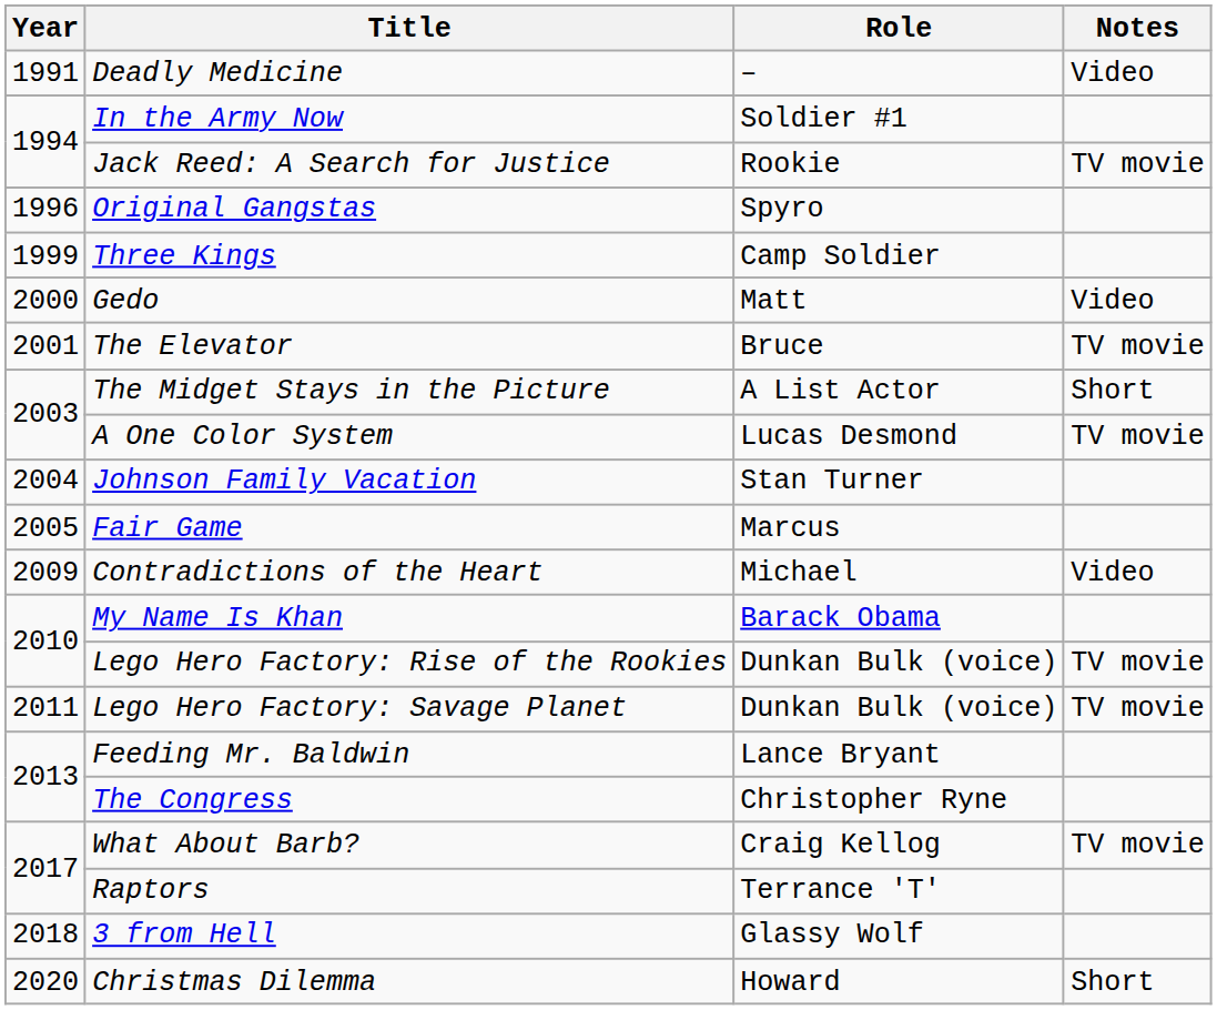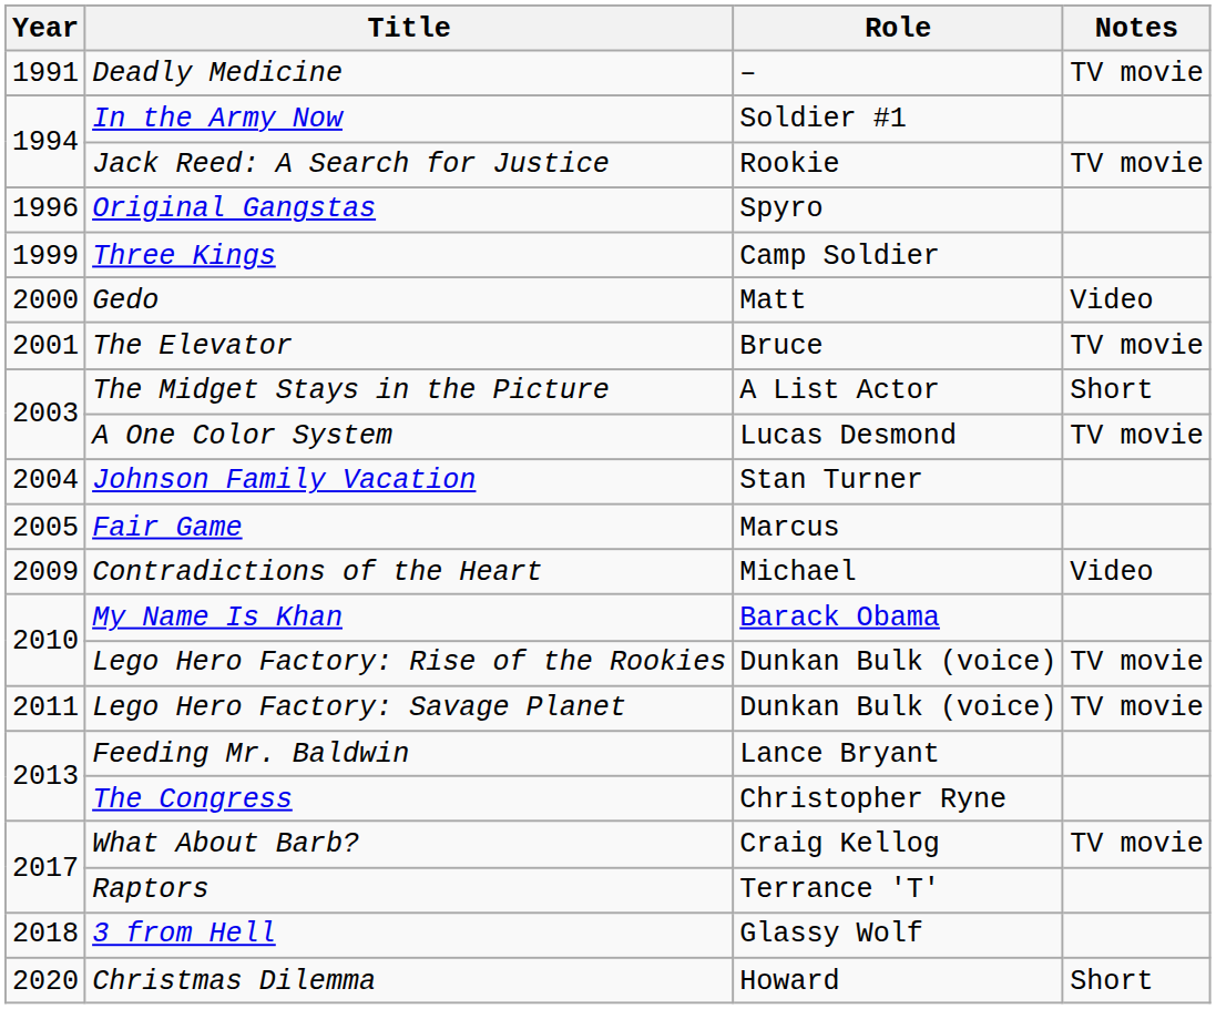 <table class="wikitable plainrowheaders sortable" style="margin–right: 0;">
 <tr>
 <th>Year</th>
 <th>Title</th>
 <th>Role</th>
 <th>Notes</th>
 </tr>
 <tr>
 <td>1991</td>
 <td><em>Deadly Medicine</em></td>
 <td>–</td>
-<td>Video</td>
+<td>TV movie</td>
 </tr>
 <tr>
 <td rowspan=2>1994</td>
 <td><em><a href='#'>In the Army Now</a></em></td>
 <td>Soldier #1</td>
 <td></td>
 </tr>
 <tr>
 <td><em>Jack Reed: A Search for Justice</em></td>
 <td>Rookie</td>
 <td>TV movie</td>
 </tr>
 <tr>
 <td>1996</td>
 <td><em><a href='#'>Original Gangstas</a></em></td>
 <td>Spyro</td>
 <td></td>
 </tr>
 <tr>
 <td>1999</td>
 <td><em><a href='#'>Three Kings</a></em></td>
 <td>Camp Soldier</td>
 <td></td>
 </tr>
 <tr>
 <td>2000</td>
 <td><em>Gedo</em></td>
 <td>Matt</td>
 <td>Video</td>
 </tr>
 <tr>
 <td>2001</td>
 <td><em>The Elevator</em></td>
 <td>Bruce</td>
 <td>TV movie</td>
 </tr>
 <tr>
 <td rowspan=2>2003</td>
 <td><em>The Midget Stays in the Picture</em></td>
 <td>A List Actor</td>
 <td>Short</td>
 </tr>
 <tr>
 <td><em>A One Color System</em></td>
 <td>Lucas Desmond</td>
 <td>TV movie</td>
 </tr>
 <tr>
 <td>2004</td>
 <td><em><a href='#'>Johnson Family Vacation</a></em></td>
 <td>Stan Turner</td>
 <td></td>
 </tr>
 <tr>
 <td>2005</td>
 <td><em><a href='#'>Fair Game</a></em></td>
 <td>Marcus</td>
 <td></td>
 </tr>
 <tr>
 <td>2009</td>
 <td><em>Contradictions of the Heart</em></td>
 <td>Michael</td>
 <td>Video</td>
 </tr>
 <tr>
 <td rowspan=2>2010</td>
 <td><em><a href='#'>My Name Is Khan</a></em></td>
 <td><a href='#'>Barack Obama</a></td>
 <td></td>
 </tr>
 <tr>
 <td><em>Lego Hero Factory: Rise of the Rookies</em></td>
 <td>Dunkan Bulk (voice)</td>
 <td>TV movie</td>
 </tr>
 <tr>
 <td>2011</td>
 <td><em>Lego Hero Factory: Savage Planet</em></td>
 <td>Dunkan Bulk (voice)</td>
 <td>TV movie</td>
 </tr>
 <tr>
 <td rowspan=2>2013</td>
 <td><em>Feeding Mr. Baldwin</em></td>
 <td>Lance Bryant</td>
 <td></td>
 </tr>
 <tr>
 <td><em><a href='#'>The Congress</a></em></td>
 <td>Christopher Ryne</td>
 <td></td>
 </tr>
 <tr>
 <td rowspan=2>2017</td>
 <td><em>What About Barb?</em></td>
 <td>Craig Kellog</td>
 <td>TV movie</td>
 </tr>
 <tr>
 <td><em>Raptors</em></td>
 <td>Terrance 'T'</td>
 <td></td>
 </tr>
 <tr>
 <td>2018</td>
 <td><em><a href='#'>3 from Hell</a></em></td>
 <td>Glassy Wolf</td>
 <td></td>
 </tr>
 <tr>
 <td>2020</td>
 <td><em>Christmas Dilemma</em></td>
 <td>Howard</td>
 <td>Short</td>
 </tr>
 </table>
